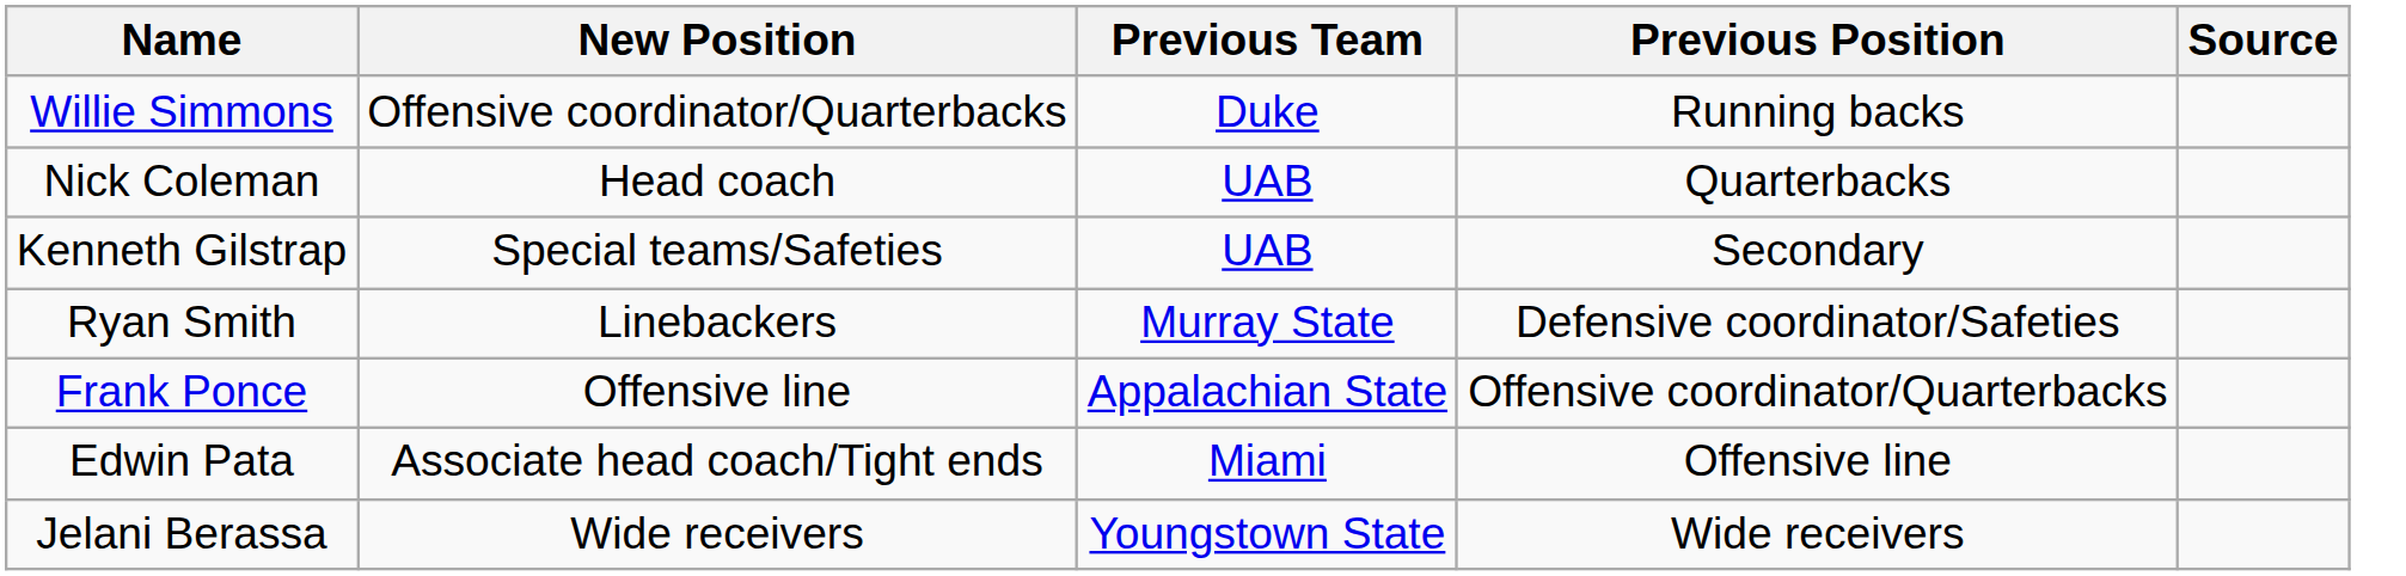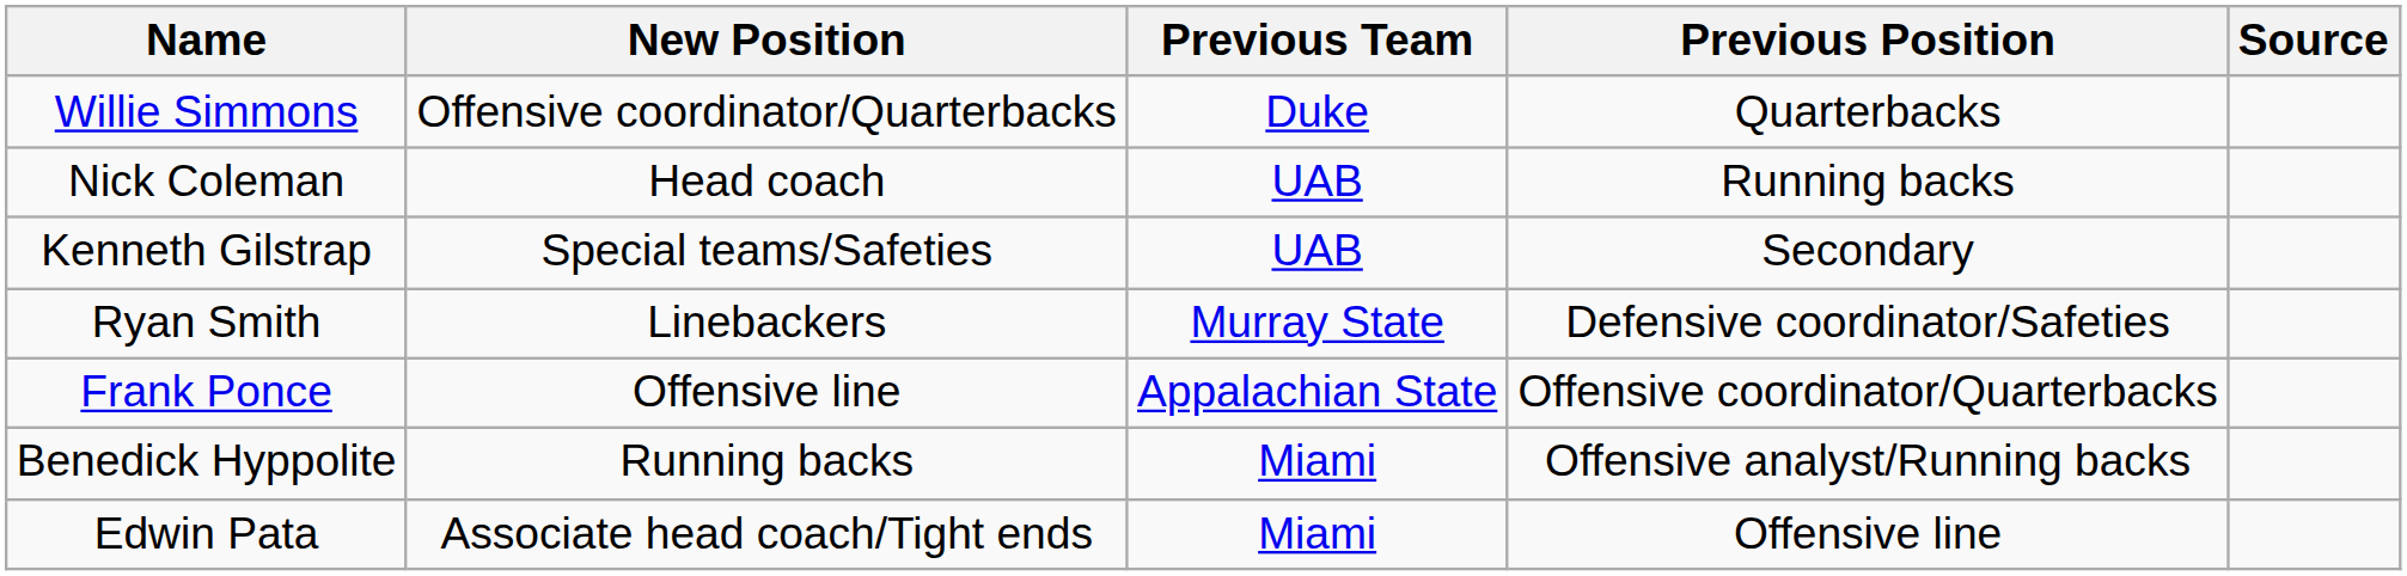 <table class="wikitable">
 <tr>
 <th style="text-align:center; ">Name</th>
 <th style="text-align:center; ">New Position</th>
 <th style="text-align:center; ">Previous Team</th>
 <th style="text-align:center; ">Previous Position</th>
 <th style="text-align:center; ">Source</th>
 </tr>
 <tr align="center">
 <td><a href='#'>Willie Simmons</a></td>
 <td>Offensive coordinator/Quarterbacks</td>
 <td><a href='#'>Duke</a></td>
-<td>Running backs</td>
+<td>Quarterbacks</td>
 <td></td>
 </tr>
 <tr align="center">
 <td>Nick Coleman</td>
 <td>Head coach</td>
 <td><a href='#'>UAB</a></td>
-<td>Quarterbacks</td>
+<td>Running backs</td>
 <td></td>
 </tr>
 <tr align="center">
 <td>Kenneth Gilstrap</td>
 <td>Special teams/Safeties</td>
 <td><a href='#'>UAB</a></td>
 <td>Secondary</td>
 <td></td>
 </tr>
 <tr align="center">
 <td>Ryan Smith</td>
 <td>Linebackers</td>
 <td><a href='#'>Murray State</a></td>
 <td>Defensive coordinator/Safeties</td>
 <td></td>
 </tr>
 <tr align="center">
 <td><a href='#'>Frank Ponce</a></td>
 <td>Offensive line</td>
 <td><a href='#'>Appalachian State</a></td>
 <td>Offensive coordinator/Quarterbacks</td>
 <td></td>
 </tr>
 <tr align="center">
+<td>Benedick Hyppolite</td>
+<td>Running backs</td>
+<td><a href='#'>Miami</a></td>
+<td>Offensive analyst/Running backs</td>
+<td></td>
+</tr>
+<tr align="center">
 <td>Edwin Pata</td>
 <td>Associate head coach/Tight ends</td>
 <td><a href='#'>Miami</a></td>
 <td>Offensive line</td>
 <td></td>
 </tr>
-<tr align="center">
-<td>Jelani Berassa</td>
-<td>Wide receivers</td>
-<td><a href='#'>Youngstown State</a></td>
-<td>Wide receivers</td>
-<td></td>
-</tr>
 </table>
